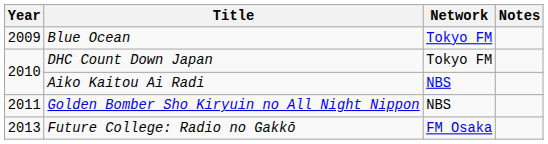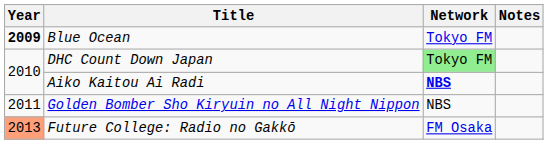 <table class="wikitable">
 <tr>
 <th>Year</th>
 <th>Title</th>
 <th>Network</th>
 <th>Notes</th>
 </tr>
 <tr>
-<td>2009</td>
+<td><strong>2009</strong></td>
 <td><em>Blue Ocean</em></td>
 <td><a href='#'>Tokyo FM</a></td>
 <td></td>
 </tr>
 <tr>
 <td rowspan="2">2010</td>
 <td><em>DHC Count Down Japan</em></td>
-<td>Tokyo FM</td>
+<td style="background: lightgreen;">Tokyo FM</td>
 <td></td>
 </tr>
 <tr>
 <td><em>Aiko Kaitou Ai Radi</em></td>
-<td><a href='#'>NBS</a></td>
+<td><strong><a href='#'>NBS</a></strong></td>
 <td></td>
 </tr>
 <tr>
 <td>2011</td>
 <td><em><a href='#'>Golden Bomber Sho Kiryuin no All Night Nippon</a></em></td>
 <td>NBS</td>
 <td></td>
 </tr>
 <tr>
-<td>2013</td>
+<td style="background: lightsalmon;">2013</td>
 <td><em>Future College: Radio no Gakkō</em></td>
 <td><a href='#'>FM Osaka</a></td>
 <td></td>
 </tr>
 </table>
